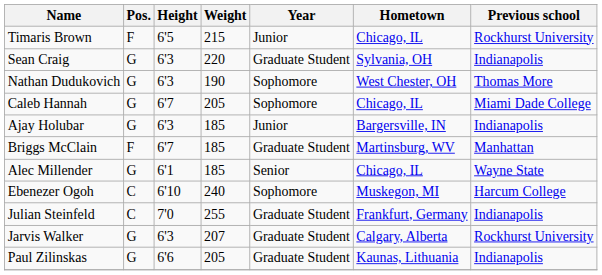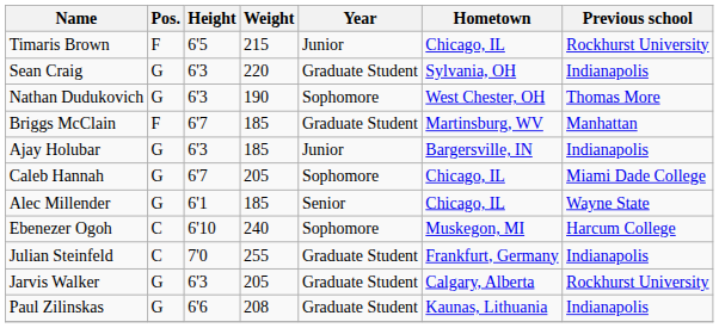 <table class="wikitable sortable" border="1">
 <tr align=center>
 <th>Name</th>
 <th>Pos.</th>
 <th>Height</th>
 <th>Weight</th>
 <th>Year</th>
 <th>Hometown</th>
 <th>Previous school</th>
 </tr>
 <tr>
 <td>Timaris Brown</td>
 <td>F</td>
 <td>6'5</td>
 <td>215</td>
 <td>Junior</td>
 <td><a href='#'>Chicago, IL</a></td>
 <td><a href='#'>Rockhurst University</a></td>
 </tr>
 <tr>
 <td>Sean Craig</td>
 <td>G</td>
 <td>6'3</td>
 <td>220</td>
 <td>Graduate Student</td>
 <td><a href='#'>Sylvania, OH</a></td>
 <td><a href='#'>Indianapolis</a></td>
 </tr>
 <tr>
 <td>Nathan Dudukovich</td>
 <td>G</td>
 <td>6'3</td>
 <td>190</td>
 <td>Sophomore</td>
 <td><a href='#'>West Chester, OH</a></td>
 <td><a href='#'>Thomas More</a></td>
 </tr>
 <tr>
-<td>Caleb Hannah</td>
-<td>G</td>
+<td>Briggs McClain</td>
+<td>F</td>
 <td>6'7</td>
-<td>205</td>
-<td>Sophomore</td>
-<td><a href='#'>Chicago, IL</a></td>
-<td><a href='#'>Miami Dade College</a></td>
+<td>185</td>
+<td>Graduate Student</td>
+<td><a href='#'>Martinsburg, WV</a></td>
+<td><a href='#'>Manhattan</a></td>
 </tr>
 <tr>
 <td>Ajay Holubar</td>
 <td>G</td>
 <td>6'3</td>
 <td>185</td>
 <td>Junior</td>
 <td><a href='#'>Bargersville, IN</a></td>
 <td><a href='#'>Indianapolis</a></td>
 </tr>
 <tr>
-<td>Briggs McClain</td>
-<td>F</td>
+<td>Caleb Hannah</td>
+<td>G</td>
 <td>6'7</td>
-<td>185</td>
-<td>Graduate Student</td>
-<td><a href='#'>Martinsburg, WV</a></td>
-<td><a href='#'>Manhattan</a></td>
+<td>205</td>
+<td>Sophomore</td>
+<td><a href='#'>Chicago, IL</a></td>
+<td><a href='#'>Miami Dade College</a></td>
 </tr>
 <tr>
 <td>Alec Millender</td>
 <td>G</td>
 <td>6'1</td>
 <td>185</td>
 <td>Senior</td>
 <td><a href='#'>Chicago, IL</a></td>
 <td><a href='#'>Wayne State</a></td>
 </tr>
 <tr>
 <td>Ebenezer Ogoh</td>
 <td>C</td>
 <td>6'10</td>
 <td>240</td>
 <td>Sophomore</td>
 <td><a href='#'>Muskegon, MI</a></td>
 <td><a href='#'>Harcum College</a></td>
 </tr>
 <tr>
 <td>Julian Steinfeld</td>
 <td>C</td>
 <td>7'0</td>
 <td>255</td>
 <td>Graduate Student</td>
 <td><a href='#'>Frankfurt, Germany</a></td>
 <td><a href='#'>Indianapolis</a></td>
 </tr>
 <tr>
 <td>Jarvis Walker</td>
 <td>G</td>
 <td>6'3</td>
-<td>207</td>
+<td>205</td>
 <td>Graduate Student</td>
 <td><a href='#'>Calgary, Alberta</a></td>
 <td><a href='#'>Rockhurst University</a></td>
 </tr>
 <tr>
 <td>Paul Zilinskas</td>
 <td>G</td>
 <td>6'6</td>
-<td>205</td>
+<td>208</td>
 <td>Graduate Student</td>
 <td><a href='#'>Kaunas, Lithuania</a></td>
 <td><a href='#'>Indianapolis</a></td>
 </tr>
 <tr>
 </tr>
 </table>
